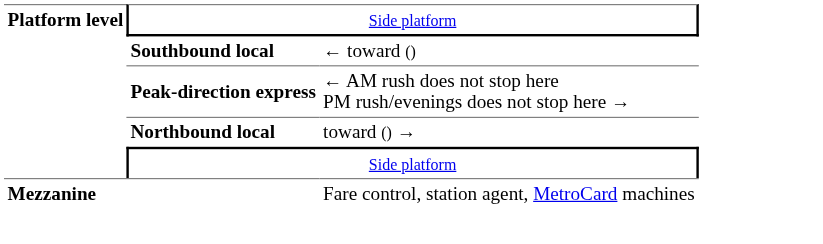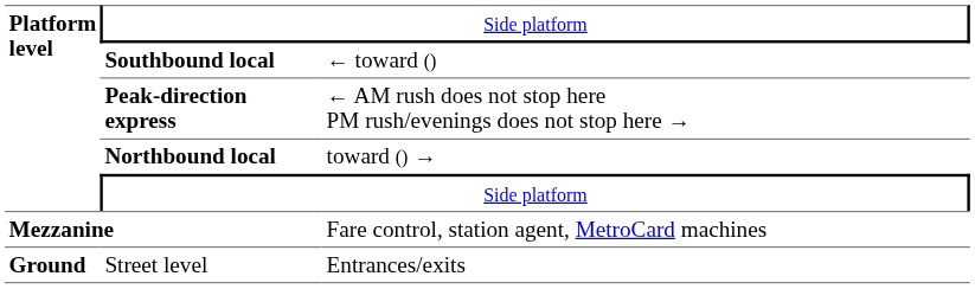 <table cellspacing=0 cellpadding=3>
 <tr>
 <td style="border-top:solid 1px gray;vertical-align:top;" rowspan=6><strong>Platform level</strong></td>
 </tr>
 <tr>
 <td style="border-top:solid 1px gray;border-right:solid 2px black;border-left:solid 2px black;border-bottom:solid 2px black;text-align:center;" colspan=2><small><a href='#'>Side platform</a></small></td>
 </tr>
 <tr>
 <td style="border-bottom:solid 1px gray;"><span><strong>Southbound local</strong></span></td>
 <td style="border-bottom:solid 1px gray;">←  toward  <small>()</small></td>
 </tr>
 <tr>
 <td style="border-bottom:solid 1px gray;"><span><strong>Peak-direction express</strong></span></td>
 <td style="border-bottom:solid 1px gray;">←  AM rush does not stop here<br>  PM rush/evenings does not stop here →</td>
 </tr>
 <tr>
 <td><span><strong>Northbound local</strong></span></td>
 <td>  toward  <small>()</small> →</td>
 </tr>
 <tr>
 <td style="border-top:solid 2px black;border-right:solid 2px black;border-left:solid 2px black;text-align:center;" colspan=2><small><a href='#'>Side platform</a></small></td>
 </tr>
 <tr>
 <td style="border-top:solid 1px gray;" colspan=2><strong>Mezzanine</strong></td>
 <td style="border-top:solid 1px gray;">Fare control, station agent, <a href='#'>MetroCard</a> machines</td>
 </tr>
+<tr>
+<td style="border-top:solid 1px gray;border-bottom:solid 1px gray;" width=50><strong>Ground</strong></td>
+<td style="border-top:solid 1px gray;border-bottom:solid 1px gray;" width=150>Street level</td>
+<td style="border-top:solid 1px gray;border-bottom:solid 1px gray;" width=450>Entrances/exits</td>
+</tr>
 </table>
